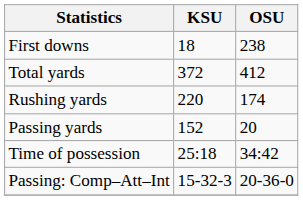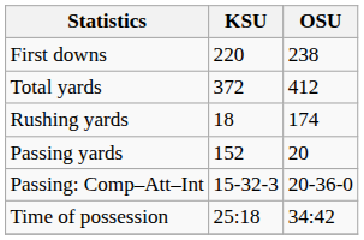 <table class="wikitable" style="float: left;">
 <tr>
 <th>Statistics</th>
 <th>KSU</th>
 <th>OSU</th>
 </tr>
 <tr>
 <td>First downs</td>
-<td>18</td>
+<td>220</td>
 <td>238</td>
 </tr>
 <tr>
 <td>Total yards</td>
 <td>372</td>
 <td>412</td>
 </tr>
 <tr>
 <td>Rushing yards</td>
-<td>220</td>
+<td>18</td>
 <td>174</td>
 </tr>
 <tr>
 <td>Passing yards</td>
 <td>152</td>
 <td>20</td>
 </tr>
 <tr>
+<td>Passing: Comp–Att–Int</td>
+<td>15-32-3</td>
+<td>20-36-0</td>
+</tr>
+<tr>
 <td>Time of possession</td>
 <td>25:18</td>
 <td>34:42</td>
 </tr>
 <tr>
-<td>Passing: Comp–Att–Int</td>
-<td>15-32-3</td>
-<td>20-36-0</td>
-</tr>
-<tr>
 </tr>
 </table>
